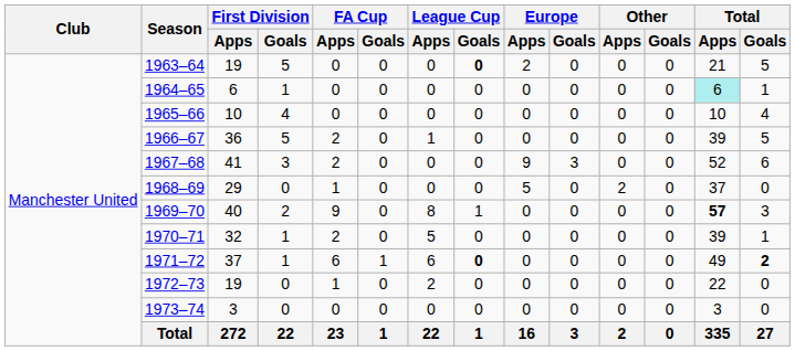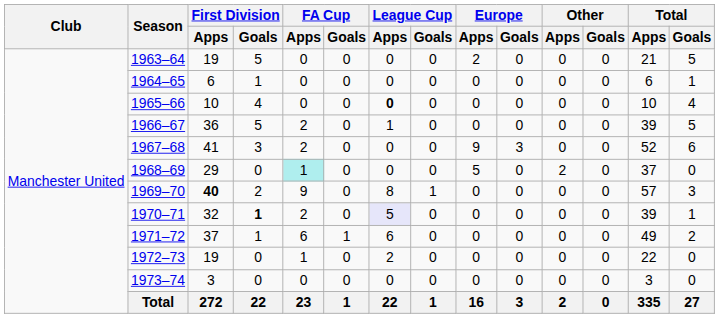 <table class="wikitable" style="text-align:center">
 <tr>
 <th rowspan="2">Club</th>
 <th rowspan="2">Season</th>
 <th colspan="2"><a href='#'>First Division</a></th>
 <th colspan="2"><a href='#'>FA Cup</a></th>
 <th colspan="2"><a href='#'>League Cup</a></th>
 <th colspan="2"><a href='#'>Europe</a></th>
 <th colspan="2">Other</th>
 <th colspan="2">Total</th>
 </tr>
 <tr>
 <th>Apps</th>
 <th>Goals</th>
 <th>Apps</th>
 <th>Goals</th>
 <th>Apps</th>
 <th>Goals</th>
 <th>Apps</th>
 <th>Goals</th>
 <th>Apps</th>
 <th>Goals</th>
 <th>Apps</th>
 <th>Goals</th>
 </tr>
 <tr>
 <td rowspan="12"><a href='#'>Manchester United</a></td>
 <td><a href='#'>1963–64</a></td>
 <td>19</td>
 <td>5</td>
 <td>0</td>
 <td>0</td>
 <td>0</td>
-<td><strong>0</strong></td>
+<td>0</td>
 <td>2</td>
 <td>0</td>
 <td>0</td>
 <td>0</td>
 <td>21</td>
 <td>5</td>
 </tr>
 <tr>
 <td><a href='#'>1964–65</a></td>
 <td>6</td>
 <td>1</td>
 <td>0</td>
 <td>0</td>
 <td>0</td>
 <td>0</td>
 <td>0</td>
 <td>0</td>
 <td>0</td>
 <td>0</td>
-<td style="background: paleturquoise;">6</td>
+<td>6</td>
 <td>1</td>
 </tr>
 <tr>
 <td><a href='#'>1965–66</a></td>
 <td>10</td>
 <td>4</td>
 <td>0</td>
 <td>0</td>
-<td>0</td>
+<td><strong>0</strong></td>
 <td>0</td>
 <td>0</td>
 <td>0</td>
 <td>0</td>
 <td>0</td>
 <td>10</td>
 <td>4</td>
 </tr>
 <tr>
 <td><a href='#'>1966–67</a></td>
 <td>36</td>
 <td>5</td>
 <td>2</td>
 <td>0</td>
 <td>1</td>
 <td>0</td>
 <td>0</td>
 <td>0</td>
 <td>0</td>
 <td>0</td>
 <td>39</td>
 <td>5</td>
 </tr>
 <tr>
 <td><a href='#'>1967–68</a></td>
 <td>41</td>
 <td>3</td>
 <td>2</td>
 <td>0</td>
 <td>0</td>
 <td>0</td>
 <td>9</td>
 <td>3</td>
 <td>0</td>
 <td>0</td>
 <td>52</td>
 <td>6</td>
 </tr>
 <tr>
 <td><a href='#'>1968–69</a></td>
 <td>29</td>
 <td>0</td>
-<td>1</td>
+<td style="background: paleturquoise;">1</td>
 <td>0</td>
 <td>0</td>
 <td>0</td>
 <td>5</td>
 <td>0</td>
 <td>2</td>
 <td>0</td>
 <td>37</td>
 <td>0</td>
 </tr>
 <tr>
 <td><a href='#'>1969–70</a></td>
-<td>40</td>
+<td><strong>40</strong></td>
 <td>2</td>
 <td>9</td>
 <td>0</td>
 <td>8</td>
 <td>1</td>
 <td>0</td>
 <td>0</td>
 <td>0</td>
 <td>0</td>
-<td><strong>57</strong></td>
+<td>57</td>
 <td>3</td>
 </tr>
 <tr>
 <td><a href='#'>1970–71</a></td>
 <td>32</td>
-<td>1</td>
+<td><strong>1</strong></td>
 <td>2</td>
 <td>0</td>
-<td>5</td>
+<td style="background: lavender;">5</td>
 <td>0</td>
 <td>0</td>
 <td>0</td>
 <td>0</td>
 <td>0</td>
 <td>39</td>
 <td>1</td>
 </tr>
 <tr>
 <td><a href='#'>1971–72</a></td>
 <td>37</td>
 <td>1</td>
 <td>6</td>
 <td>1</td>
 <td>6</td>
-<td><strong>0</strong></td>
+<td>0</td>
 <td>0</td>
 <td>0</td>
 <td>0</td>
 <td>0</td>
 <td>49</td>
-<td><strong>2</strong></td>
+<td>2</td>
 </tr>
 <tr>
 <td><a href='#'>1972–73</a></td>
 <td>19</td>
 <td>0</td>
 <td>1</td>
 <td>0</td>
 <td>2</td>
 <td>0</td>
 <td>0</td>
 <td>0</td>
 <td>0</td>
 <td>0</td>
 <td>22</td>
 <td>0</td>
 </tr>
 <tr>
 <td><a href='#'>1973–74</a></td>
 <td>3</td>
 <td>0</td>
 <td>0</td>
 <td>0</td>
 <td>0</td>
 <td>0</td>
 <td>0</td>
 <td>0</td>
 <td>0</td>
 <td>0</td>
 <td>3</td>
 <td>0</td>
 </tr>
 <tr>
 <th>Total</th>
 <th>272</th>
 <th>22</th>
 <th>23</th>
 <th>1</th>
 <th>22</th>
 <th>1</th>
 <th>16</th>
 <th>3</th>
 <th>2</th>
 <th>0</th>
 <th>335</th>
 <th>27</th>
 </tr>
 </table>
